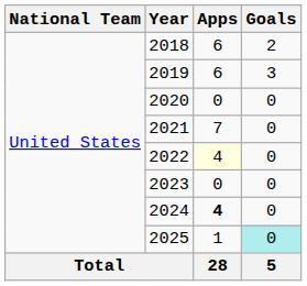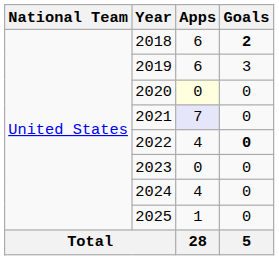 <table class="wikitable" style="text-align:center">
 <tr>
 <th>National Team</th>
 <th>Year</th>
 <th>Apps</th>
 <th>Goals</th>
 </tr>
 <tr>
 <td rowspan="8"><a href='#'>United States</a></td>
 <td>2018</td>
 <td>6</td>
-<td>2</td>
+<td><strong>2</strong></td>
 </tr>
 <tr>
 <td>2019</td>
 <td>6</td>
 <td>3</td>
 </tr>
 <tr>
 <td>2020</td>
-<td>0</td>
+<td style="background: lightyellow;">0</td>
 <td>0</td>
 </tr>
 <tr>
 <td>2021</td>
-<td>7</td>
+<td style="background: lavender;">7</td>
 <td>0</td>
 </tr>
 <tr>
 <td>2022</td>
-<td style="background: lightyellow;">4</td>
-<td>0</td>
+<td>4</td>
+<td><strong>0</strong></td>
 </tr>
 <tr>
 <td>2023</td>
 <td>0</td>
 <td>0</td>
 </tr>
 <tr>
 <td>2024</td>
-<td><strong>4</strong></td>
+<td>4</td>
 <td>0</td>
 </tr>
 <tr>
 <td>2025</td>
 <td>1</td>
-<td style="background: paleturquoise;">0</td>
+<td>0</td>
 </tr>
 <tr>
 <th colspan="2">Total</th>
 <th>28</th>
 <th>5</th>
 </tr>
 </table>
